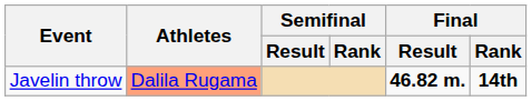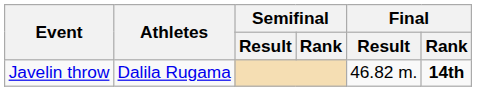 <table class="wikitable" border="1" style="font-size:90%">
 <tr>
 <th rowspan=2>Event</th>
 <th rowspan=2>Athletes</th>
 <th colspan=2>Semifinal</th>
 <th colspan=2>Final</th>
 </tr>
 <tr>
 <th>Result</th>
 <th>Rank</th>
 <th>Result</th>
 <th>Rank</th>
 </tr>
 <tr>
 <td><a href='#'>Javelin throw</a></td>
-<td style="background: lightsalmon;"><a href='#'>Dalila Rugama</a></td>
+<td><a href='#'>Dalila Rugama</a></td>
 <td align=center colspan=2 bgcolor=wheat></td>
-<td align=center><strong>46.82 m.</strong></td>
+<td align=center>46.82 m.</td>
 <td align=center><strong>14th</strong></td>
 </tr>
 </table>
